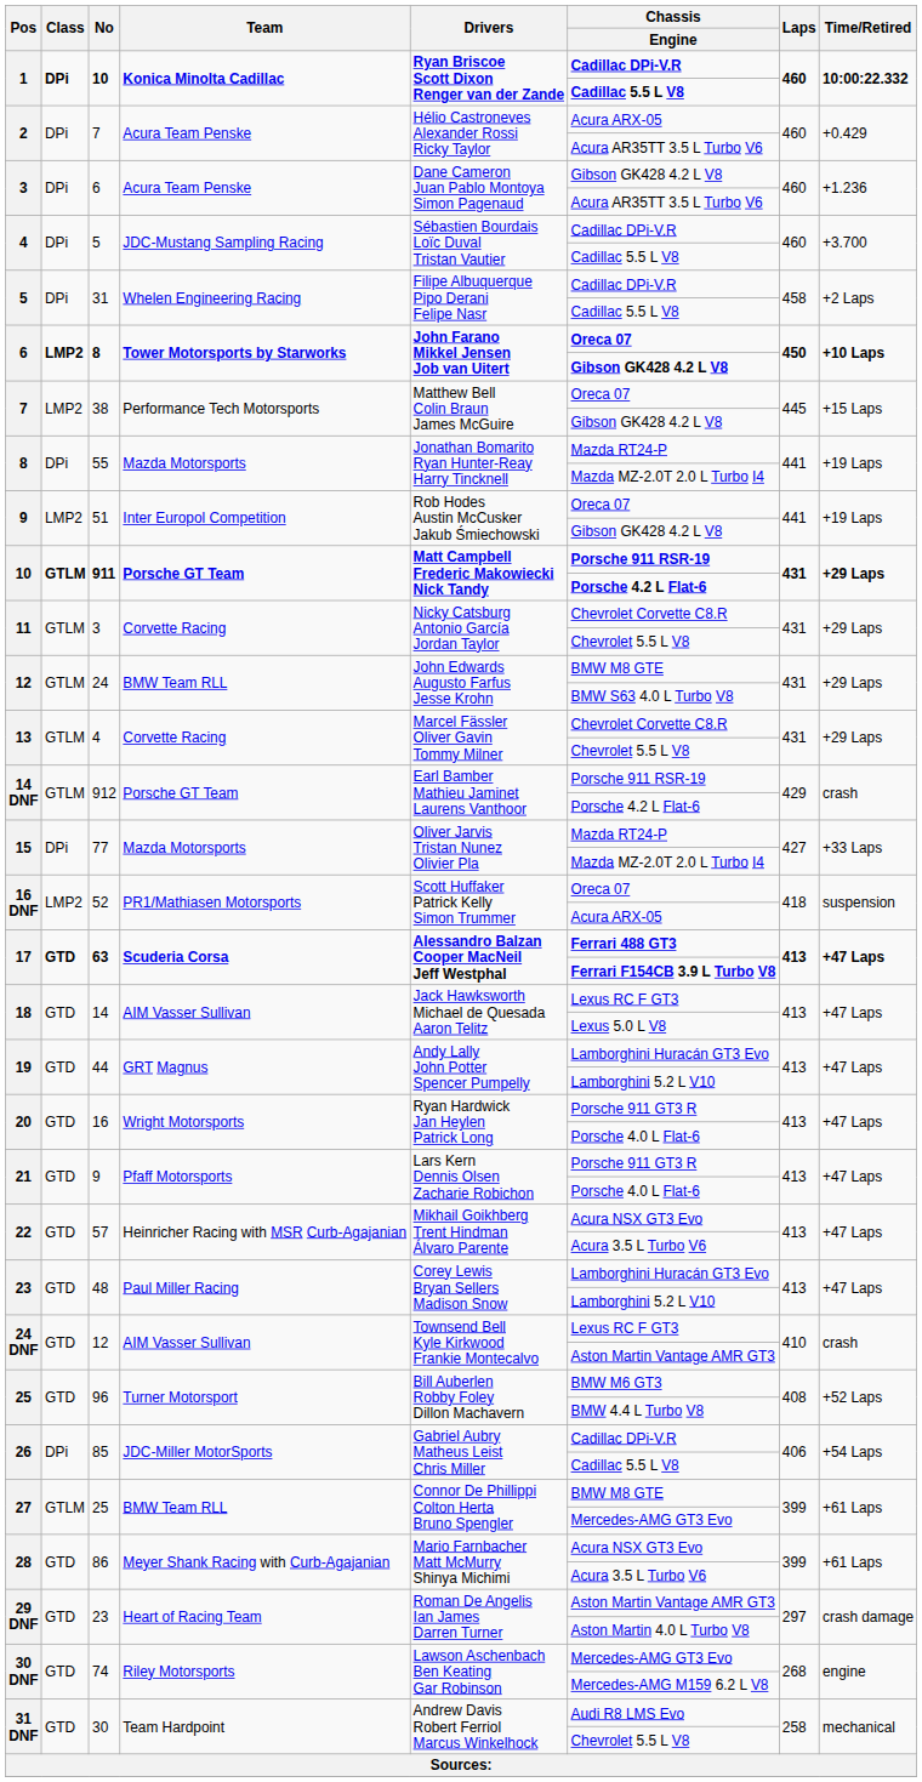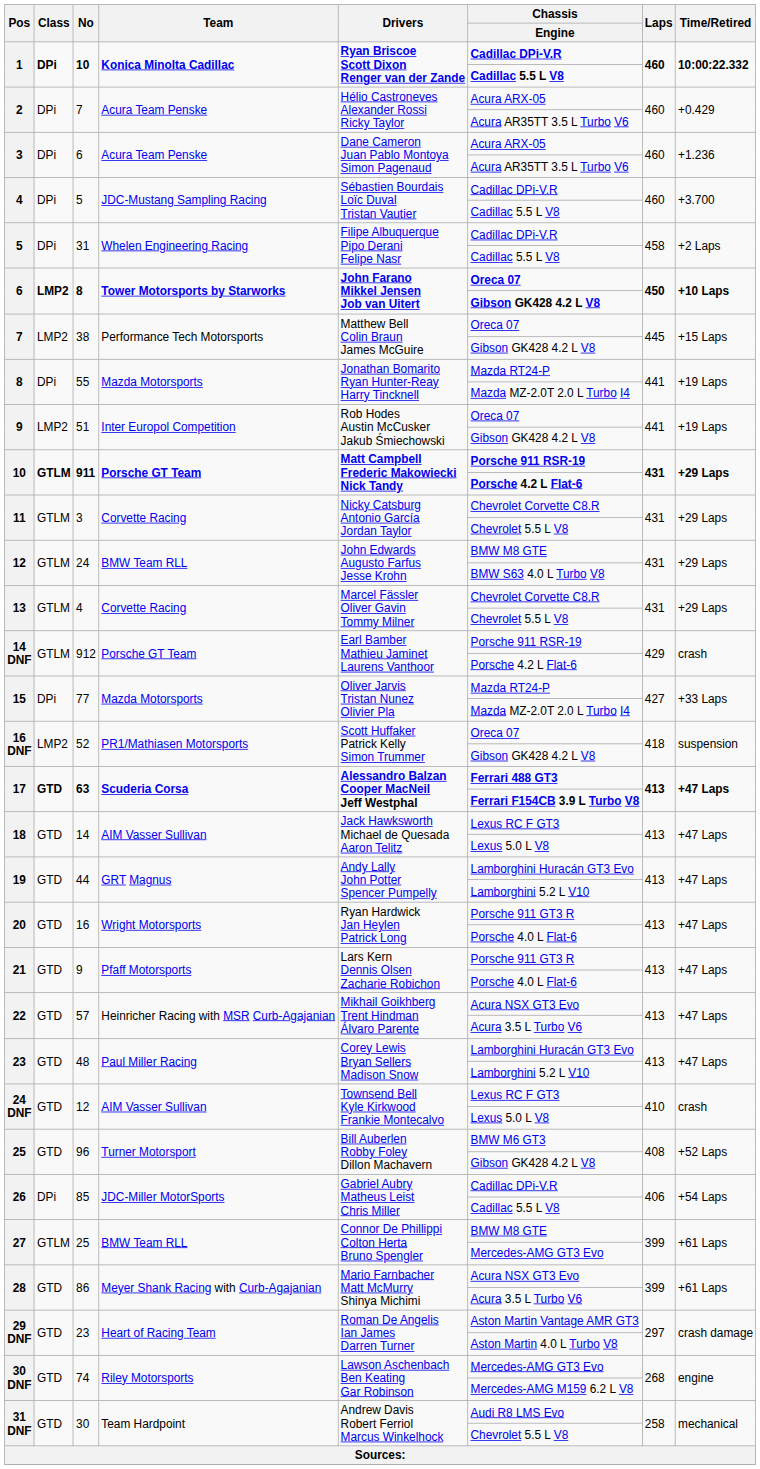 <table class="wikitable" style="font-size: 95%;">
 <tr>
 <th rowspan=2>Pos</th>
 <th rowspan=2>Class</th>
 <th rowspan=2>No</th>
 <th rowspan=2>Team</th>
 <th rowspan=2>Drivers</th>
 <th>Chassis</th>
 <th rowspan=2>Laps</th>
 <th rowspan=2>Time/Retired</th>
 </tr>
 <tr>
 <th>Engine</th>
 </tr>
 <tr style="font-weight:bold">
 <th rowspan=2>1</th>
 <td rowspan=2>DPi</td>
 <td rowspan=2>10</td>
 <td rowspan=2> <a href='#'>Konica Minolta Cadillac</a></td>
 <td rowspan=2> <a href='#'>Ryan Briscoe</a><br> <a href='#'>Scott Dixon</a><br> <a href='#'>Renger van der Zande</a></td>
 <td><a href='#'>Cadillac DPi-V.R</a></td>
 <td rowspan=2>460</td>
 <td rowspan=2>10:00:22.332</td>
 </tr>
 <tr style="font-weight:bold">
 <td><a href='#'>Cadillac</a> 5.5 L <a href='#'>V8</a></td>
 </tr>
 <tr>
 <th rowspan=2>2</th>
 <td rowspan=2>DPi</td>
 <td rowspan=2>7</td>
 <td rowspan=2> <a href='#'>Acura Team Penske</a></td>
 <td rowspan=2> <a href='#'>Hélio Castroneves</a><br> <a href='#'>Alexander Rossi</a><br> <a href='#'>Ricky Taylor</a></td>
 <td><a href='#'>Acura ARX-05</a></td>
 <td rowspan=2>460</td>
 <td rowspan=2>+0.429</td>
 </tr>
 <tr>
 <td><a href='#'>Acura</a> AR35TT 3.5 L <a href='#'>Turbo</a> <a href='#'>V6</a></td>
 </tr>
 <tr>
 <th rowspan=2>3</th>
 <td rowspan=2>DPi</td>
 <td rowspan=2>6</td>
 <td rowspan=2> <a href='#'>Acura Team Penske</a></td>
 <td rowspan=2> <a href='#'>Dane Cameron</a><br> <a href='#'>Juan Pablo Montoya</a><br> <a href='#'>Simon Pagenaud</a></td>
-<td><a href='#'>Gibson</a> GK428 4.2 L <a href='#'>V8</a></td>
+<td><a href='#'>Acura ARX-05</a></td>
 <td rowspan=2>460</td>
 <td rowspan=2>+1.236</td>
 </tr>
 <tr>
 <td><a href='#'>Acura</a> AR35TT 3.5 L <a href='#'>Turbo</a> <a href='#'>V6</a></td>
 </tr>
 <tr>
 <th rowspan=2>4</th>
 <td rowspan=2>DPi</td>
 <td rowspan=2>5</td>
 <td rowspan=2> <a href='#'>JDC-Mustang Sampling Racing</a></td>
 <td rowspan=2> <a href='#'>Sébastien Bourdais</a><br> <a href='#'>Loïc Duval</a><br> <a href='#'>Tristan Vautier</a></td>
 <td><a href='#'>Cadillac DPi-V.R</a></td>
 <td rowspan=2>460</td>
 <td rowspan=2>+3.700</td>
 </tr>
 <tr>
 <td><a href='#'>Cadillac</a> 5.5 L <a href='#'>V8</a></td>
 </tr>
 <tr>
 <th rowspan=2>5</th>
 <td rowspan=2>DPi</td>
 <td rowspan=2>31</td>
 <td rowspan=2> <a href='#'>Whelen Engineering Racing</a></td>
 <td rowspan=2> <a href='#'>Filipe Albuquerque</a><br> <a href='#'>Pipo Derani</a><br> <a href='#'>Felipe Nasr</a></td>
 <td><a href='#'>Cadillac DPi-V.R</a></td>
 <td rowspan=2>458</td>
 <td rowspan=2>+2 Laps</td>
 </tr>
 <tr>
 <td><a href='#'>Cadillac</a> 5.5 L <a href='#'>V8</a></td>
 </tr>
 <tr style="font-weight:bold">
 <th rowspan=2>6</th>
 <td rowspan=2>LMP2</td>
 <td rowspan=2>8</td>
 <td rowspan=2> <a href='#'>Tower Motorsports by Starworks</a></td>
 <td rowspan=2> <a href='#'>John Farano</a><br> <a href='#'>Mikkel Jensen</a><br> <a href='#'>Job van Uitert</a></td>
 <td><a href='#'>Oreca 07</a></td>
 <td rowspan=2>450</td>
 <td rowspan=2>+10 Laps</td>
 </tr>
 <tr style="font-weight:bold">
 <td><a href='#'>Gibson</a> GK428 4.2 L <a href='#'>V8</a></td>
 </tr>
 <tr>
 <th rowspan=2>7</th>
 <td rowspan=2>LMP2</td>
 <td rowspan=2>38</td>
 <td rowspan=2> Performance Tech Motorsports</td>
 <td rowspan=2> Matthew Bell<br> <a href='#'>Colin Braun</a><br> James McGuire</td>
 <td><a href='#'>Oreca 07</a></td>
 <td rowspan=2>445</td>
 <td rowspan=2>+15 Laps</td>
 </tr>
 <tr>
 <td><a href='#'>Gibson</a> GK428 4.2 L <a href='#'>V8</a></td>
 </tr>
 <tr>
 <th rowspan=2>8</th>
 <td rowspan=2>DPi</td>
 <td rowspan=2>55</td>
 <td rowspan=2> <a href='#'>Mazda Motorsports</a></td>
 <td rowspan=2> <a href='#'>Jonathan Bomarito</a><br> <a href='#'>Ryan Hunter-Reay</a><br> <a href='#'>Harry Tincknell</a></td>
 <td><a href='#'>Mazda RT24-P</a></td>
 <td rowspan=2>441</td>
 <td rowspan=2>+19 Laps</td>
 </tr>
 <tr>
 <td><a href='#'>Mazda</a> MZ-2.0T 2.0 L <a href='#'>Turbo</a> <a href='#'>I4</a></td>
 </tr>
 <tr>
 <th rowspan=2>9</th>
 <td rowspan=2>LMP2</td>
 <td rowspan=2>51</td>
 <td rowspan=2> <a href='#'>Inter Europol Competition</a></td>
 <td rowspan=2> Rob Hodes<br> Austin McCusker<br> Jakub Śmiechowski</td>
 <td><a href='#'>Oreca 07</a></td>
 <td rowspan=2>441</td>
 <td rowspan=2>+19 Laps</td>
 </tr>
 <tr>
 <td><a href='#'>Gibson</a> GK428 4.2 L <a href='#'>V8</a></td>
 </tr>
 <tr style="font-weight:bold">
 <th rowspan=2>10</th>
 <td rowspan=2>GTLM</td>
 <td rowspan=2>911</td>
 <td rowspan=2> <a href='#'>Porsche GT Team</a></td>
 <td rowspan=2> <a href='#'>Matt Campbell</a><br> <a href='#'>Frederic Makowiecki</a><br> <a href='#'>Nick Tandy</a></td>
 <td><a href='#'>Porsche 911 RSR-19</a></td>
 <td rowspan=2>431</td>
 <td rowspan=2>+29 Laps</td>
 </tr>
 <tr style="font-weight:bold">
 <td><a href='#'>Porsche</a> 4.2 L <a href='#'>Flat-6</a></td>
 </tr>
 <tr>
 <th rowspan=2>11</th>
 <td rowspan=2>GTLM</td>
 <td rowspan=2>3</td>
 <td rowspan=2> <a href='#'>Corvette Racing</a></td>
 <td rowspan=2> <a href='#'>Nicky Catsburg</a><br> <a href='#'>Antonio García</a><br> <a href='#'>Jordan Taylor</a></td>
 <td><a href='#'>Chevrolet Corvette C8.R</a></td>
 <td rowspan=2>431</td>
 <td rowspan=2>+29 Laps</td>
 </tr>
 <tr>
 <td><a href='#'>Chevrolet</a> 5.5 L <a href='#'>V8</a></td>
 </tr>
 <tr>
 <th rowspan=2>12</th>
 <td rowspan=2>GTLM</td>
 <td rowspan=2>24</td>
 <td rowspan=2> <a href='#'>BMW Team RLL</a></td>
 <td rowspan=2> <a href='#'>John Edwards</a><br> <a href='#'>Augusto Farfus</a><br> <a href='#'>Jesse Krohn</a></td>
 <td><a href='#'>BMW M8 GTE</a></td>
 <td rowspan=2>431</td>
 <td rowspan=2>+29 Laps</td>
 </tr>
 <tr>
 <td><a href='#'>BMW S63</a> 4.0 L <a href='#'>Turbo</a> <a href='#'>V8</a></td>
 </tr>
 <tr>
 <th rowspan=2>13</th>
 <td rowspan=2>GTLM</td>
 <td rowspan=2>4</td>
 <td rowspan=2> <a href='#'>Corvette Racing</a></td>
 <td rowspan=2> <a href='#'>Marcel Fässler</a><br> <a href='#'>Oliver Gavin</a><br> <a href='#'>Tommy Milner</a></td>
 <td><a href='#'>Chevrolet Corvette C8.R</a></td>
 <td rowspan=2>431</td>
 <td rowspan=2>+29 Laps</td>
 </tr>
 <tr>
 <td><a href='#'>Chevrolet</a> 5.5 L <a href='#'>V8</a></td>
 </tr>
 <tr>
 <th rowspan=2>14<br>DNF</th>
 <td rowspan=2>GTLM</td>
 <td rowspan=2>912</td>
 <td rowspan=2> <a href='#'>Porsche GT Team</a></td>
 <td rowspan=2> <a href='#'>Earl Bamber</a><br> <a href='#'>Mathieu Jaminet</a><br> <a href='#'>Laurens Vanthoor</a></td>
 <td><a href='#'>Porsche 911 RSR-19</a></td>
 <td rowspan=2>429</td>
 <td rowspan=2>crash</td>
 </tr>
 <tr>
 <td><a href='#'>Porsche</a> 4.2 L <a href='#'>Flat-6</a></td>
 </tr>
 <tr>
 <th rowspan=2>15</th>
 <td rowspan=2>DPi</td>
 <td rowspan=2>77</td>
 <td rowspan=2> <a href='#'>Mazda Motorsports</a></td>
 <td rowspan=2> <a href='#'>Oliver Jarvis</a><br> <a href='#'>Tristan Nunez</a><br> <a href='#'>Olivier Pla</a></td>
 <td><a href='#'>Mazda RT24-P</a></td>
 <td rowspan=2>427</td>
 <td rowspan=2>+33 Laps</td>
 </tr>
 <tr>
 <td><a href='#'>Mazda</a> MZ-2.0T 2.0 L <a href='#'>Turbo</a> <a href='#'>I4</a></td>
 </tr>
 <tr>
 <th rowspan=2>16<br>DNF</th>
 <td rowspan=2>LMP2</td>
 <td rowspan=2>52</td>
 <td rowspan=2> <a href='#'>PR1/Mathiasen Motorsports</a></td>
 <td rowspan=2> <a href='#'>Scott Huffaker</a><br> Patrick Kelly<br> <a href='#'>Simon Trummer</a></td>
 <td><a href='#'>Oreca 07</a></td>
 <td rowspan=2>418</td>
 <td rowspan=2>suspension</td>
 </tr>
 <tr>
-<td><a href='#'>Acura ARX-05</a></td>
+<td><a href='#'>Gibson</a> GK428 4.2 L <a href='#'>V8</a></td>
 </tr>
 <tr style="font-weight:bold">
 <th rowspan=2>17</th>
 <td rowspan=2>GTD</td>
 <td rowspan=2>63</td>
 <td rowspan=2> <a href='#'>Scuderia Corsa</a></td>
 <td rowspan=2> <a href='#'>Alessandro Balzan</a><br> <a href='#'>Cooper MacNeil</a><br> Jeff Westphal</td>
 <td><a href='#'>Ferrari 488 GT3</a></td>
 <td rowspan=2>413</td>
 <td rowspan=2>+47 Laps</td>
 </tr>
 <tr style="font-weight:bold">
 <td><a href='#'>Ferrari F154CB</a> 3.9 L <a href='#'>Turbo</a> <a href='#'>V8</a></td>
 </tr>
 <tr>
 <th rowspan=2>18</th>
 <td rowspan=2>GTD</td>
 <td rowspan=2>14</td>
 <td rowspan=2> <a href='#'>AIM Vasser Sullivan</a></td>
 <td rowspan=2> <a href='#'>Jack Hawksworth</a><br> Michael de Quesada<br> <a href='#'>Aaron Telitz</a></td>
 <td><a href='#'>Lexus RC F GT3</a></td>
 <td rowspan=2>413</td>
 <td rowspan=2>+47 Laps</td>
 </tr>
 <tr>
 <td><a href='#'>Lexus</a> 5.0 L <a href='#'>V8</a></td>
 </tr>
 <tr>
 <th rowspan=2>19</th>
 <td rowspan=2>GTD</td>
 <td rowspan=2>44</td>
 <td rowspan=2> <a href='#'>GRT</a> <a href='#'>Magnus</a></td>
 <td rowspan=2> <a href='#'>Andy Lally</a><br> <a href='#'>John Potter</a><br> <a href='#'>Spencer Pumpelly</a></td>
 <td><a href='#'>Lamborghini Huracán GT3 Evo</a></td>
 <td rowspan=2>413</td>
 <td rowspan=2>+47 Laps</td>
 </tr>
 <tr>
 <td><a href='#'>Lamborghini</a> 5.2 L <a href='#'>V10</a></td>
 </tr>
 <tr>
 <th rowspan=2>20</th>
 <td rowspan=2>GTD</td>
 <td rowspan=2>16</td>
 <td rowspan=2> <a href='#'>Wright Motorsports</a></td>
 <td rowspan=2> Ryan Hardwick<br> <a href='#'>Jan Heylen</a><br> <a href='#'>Patrick Long</a></td>
 <td><a href='#'>Porsche 911 GT3 R</a></td>
 <td rowspan=2>413</td>
 <td rowspan=2>+47 Laps</td>
 </tr>
 <tr>
 <td><a href='#'>Porsche</a> 4.0 L <a href='#'>Flat-6</a></td>
 </tr>
 <tr>
 <th rowspan=2>21</th>
 <td rowspan=2>GTD</td>
 <td rowspan=2>9</td>
 <td rowspan=2> <a href='#'>Pfaff Motorsports</a></td>
 <td rowspan=2> Lars Kern<br> <a href='#'>Dennis Olsen</a><br> <a href='#'>Zacharie Robichon</a></td>
 <td><a href='#'>Porsche 911 GT3 R</a></td>
 <td rowspan=2>413</td>
 <td rowspan=2>+47 Laps</td>
 </tr>
 <tr>
 <td><a href='#'>Porsche</a> 4.0 L <a href='#'>Flat-6</a></td>
 </tr>
 <tr>
 <th rowspan=2>22</th>
 <td rowspan=2>GTD</td>
 <td rowspan=2>57</td>
 <td rowspan=2> Heinricher Racing with <a href='#'>MSR</a> <a href='#'>Curb-Agajanian</a></td>
 <td rowspan=2> <a href='#'>Mikhail Goikhberg</a><br> <a href='#'>Trent Hindman</a><br> <a href='#'>Álvaro Parente</a></td>
 <td><a href='#'>Acura NSX GT3 Evo</a></td>
 <td rowspan=2>413</td>
 <td rowspan=2>+47 Laps</td>
 </tr>
 <tr>
 <td><a href='#'>Acura</a> 3.5 L <a href='#'>Turbo</a> <a href='#'>V6</a></td>
 </tr>
 <tr>
 <th rowspan=2>23</th>
 <td rowspan=2>GTD</td>
 <td rowspan=2>48</td>
 <td rowspan=2> <a href='#'>Paul Miller Racing</a></td>
 <td rowspan=2> <a href='#'>Corey Lewis</a><br> <a href='#'>Bryan Sellers</a><br> <a href='#'>Madison Snow</a></td>
 <td><a href='#'>Lamborghini Huracán GT3 Evo</a></td>
 <td rowspan=2>413</td>
 <td rowspan=2>+47 Laps</td>
 </tr>
 <tr>
 <td><a href='#'>Lamborghini</a> 5.2 L <a href='#'>V10</a></td>
 </tr>
 <tr>
 <th rowspan=2>24<br>DNF</th>
 <td rowspan=2>GTD</td>
 <td rowspan=2>12</td>
 <td rowspan=2> <a href='#'>AIM Vasser Sullivan</a></td>
 <td rowspan=2> <a href='#'>Townsend Bell</a><br> <a href='#'>Kyle Kirkwood</a><br> <a href='#'>Frankie Montecalvo</a></td>
 <td><a href='#'>Lexus RC F GT3</a></td>
 <td rowspan=2>410</td>
 <td rowspan=2>crash</td>
 </tr>
 <tr>
-<td><a href='#'>Aston Martin Vantage AMR GT3</a></td>
+<td><a href='#'>Lexus</a> 5.0 L <a href='#'>V8</a></td>
 </tr>
 <tr>
 <th rowspan=2>25</th>
 <td rowspan=2>GTD</td>
 <td rowspan=2>96</td>
 <td rowspan=2> <a href='#'>Turner Motorsport</a></td>
 <td rowspan=2> <a href='#'>Bill Auberlen</a><br> <a href='#'>Robby Foley</a><br> Dillon Machavern</td>
 <td><a href='#'>BMW M6 GT3</a></td>
 <td rowspan=2>408</td>
 <td rowspan=2>+52 Laps</td>
 </tr>
 <tr>
-<td><a href='#'>BMW</a> 4.4 L <a href='#'>Turbo</a> <a href='#'>V8</a></td>
+<td><a href='#'>Gibson</a> GK428 4.2 L <a href='#'>V8</a></td>
 </tr>
 <tr>
 <th rowspan=2>26</th>
 <td rowspan=2>DPi</td>
 <td rowspan=2>85</td>
 <td rowspan=2> <a href='#'>JDC-Miller MotorSports</a></td>
 <td rowspan=2> <a href='#'>Gabriel Aubry</a><br> <a href='#'>Matheus Leist</a><br> <a href='#'>Chris Miller</a></td>
 <td><a href='#'>Cadillac DPi-V.R</a></td>
 <td rowspan=2>406</td>
 <td rowspan=2>+54 Laps</td>
 </tr>
 <tr>
 <td><a href='#'>Cadillac</a> 5.5 L <a href='#'>V8</a></td>
 </tr>
 <tr>
 <th rowspan=2>27</th>
 <td rowspan=2>GTLM</td>
 <td rowspan=2>25</td>
 <td rowspan=2> <a href='#'>BMW Team RLL</a></td>
 <td rowspan=2> <a href='#'>Connor De Phillippi</a><br> <a href='#'>Colton Herta</a><br> <a href='#'>Bruno Spengler</a></td>
 <td><a href='#'>BMW M8 GTE</a></td>
 <td rowspan=2>399</td>
 <td rowspan=2>+61 Laps</td>
 </tr>
 <tr>
 <td><a href='#'>Mercedes-AMG GT3 Evo</a></td>
 </tr>
 <tr>
 <th rowspan=2>28</th>
 <td rowspan=2>GTD</td>
 <td rowspan=2>86</td>
 <td rowspan=2> <a href='#'>Meyer Shank Racing</a> with <a href='#'>Curb-Agajanian</a></td>
 <td rowspan=2> <a href='#'>Mario Farnbacher</a><br> <a href='#'>Matt McMurry</a><br> Shinya Michimi</td>
 <td><a href='#'>Acura NSX GT3 Evo</a></td>
 <td rowspan=2>399</td>
 <td rowspan=2>+61 Laps</td>
 </tr>
 <tr>
 <td><a href='#'>Acura</a> 3.5 L <a href='#'>Turbo</a> <a href='#'>V6</a></td>
 </tr>
 <tr>
 <th rowspan=2>29<br>DNF</th>
 <td rowspan=2>GTD</td>
 <td rowspan=2>23</td>
 <td rowspan=2> <a href='#'>Heart of Racing Team</a></td>
 <td rowspan=2> <a href='#'>Roman De Angelis</a><br> <a href='#'>Ian James</a><br> <a href='#'>Darren Turner</a></td>
 <td><a href='#'>Aston Martin Vantage AMR GT3</a></td>
 <td rowspan=2>297</td>
 <td rowspan=2>crash damage</td>
 </tr>
 <tr>
 <td><a href='#'>Aston Martin</a> 4.0 L <a href='#'>Turbo</a> <a href='#'>V8</a></td>
 </tr>
 <tr>
 <th rowspan=2>30<br>DNF</th>
 <td rowspan=2>GTD</td>
 <td rowspan=2>74</td>
 <td rowspan=2> <a href='#'>Riley Motorsports</a></td>
 <td rowspan=2> <a href='#'>Lawson Aschenbach</a><br> <a href='#'>Ben Keating</a><br> <a href='#'>Gar Robinson</a></td>
 <td><a href='#'>Mercedes-AMG GT3 Evo</a></td>
 <td rowspan=2>268</td>
 <td rowspan=2>engine</td>
 </tr>
 <tr>
 <td><a href='#'>Mercedes-AMG M159</a> 6.2 L <a href='#'>V8</a></td>
 </tr>
 <tr>
 <th rowspan=2>31<br>DNF</th>
 <td rowspan=2>GTD</td>
 <td rowspan=2>30</td>
 <td rowspan=2> Team Hardpoint</td>
 <td rowspan=2> Andrew Davis<br> Robert Ferriol<br> <a href='#'>Marcus Winkelhock</a></td>
 <td><a href='#'>Audi R8 LMS Evo</a></td>
 <td rowspan=2>258</td>
 <td rowspan=2>mechanical</td>
 </tr>
 <tr>
 <td><a href='#'>Chevrolet</a> 5.5 L <a href='#'>V8</a></td>
 </tr>
 <tr>
 <th colspan=9>Sources:</th>
 </tr>
 <tr>
 </tr>
 </table>
